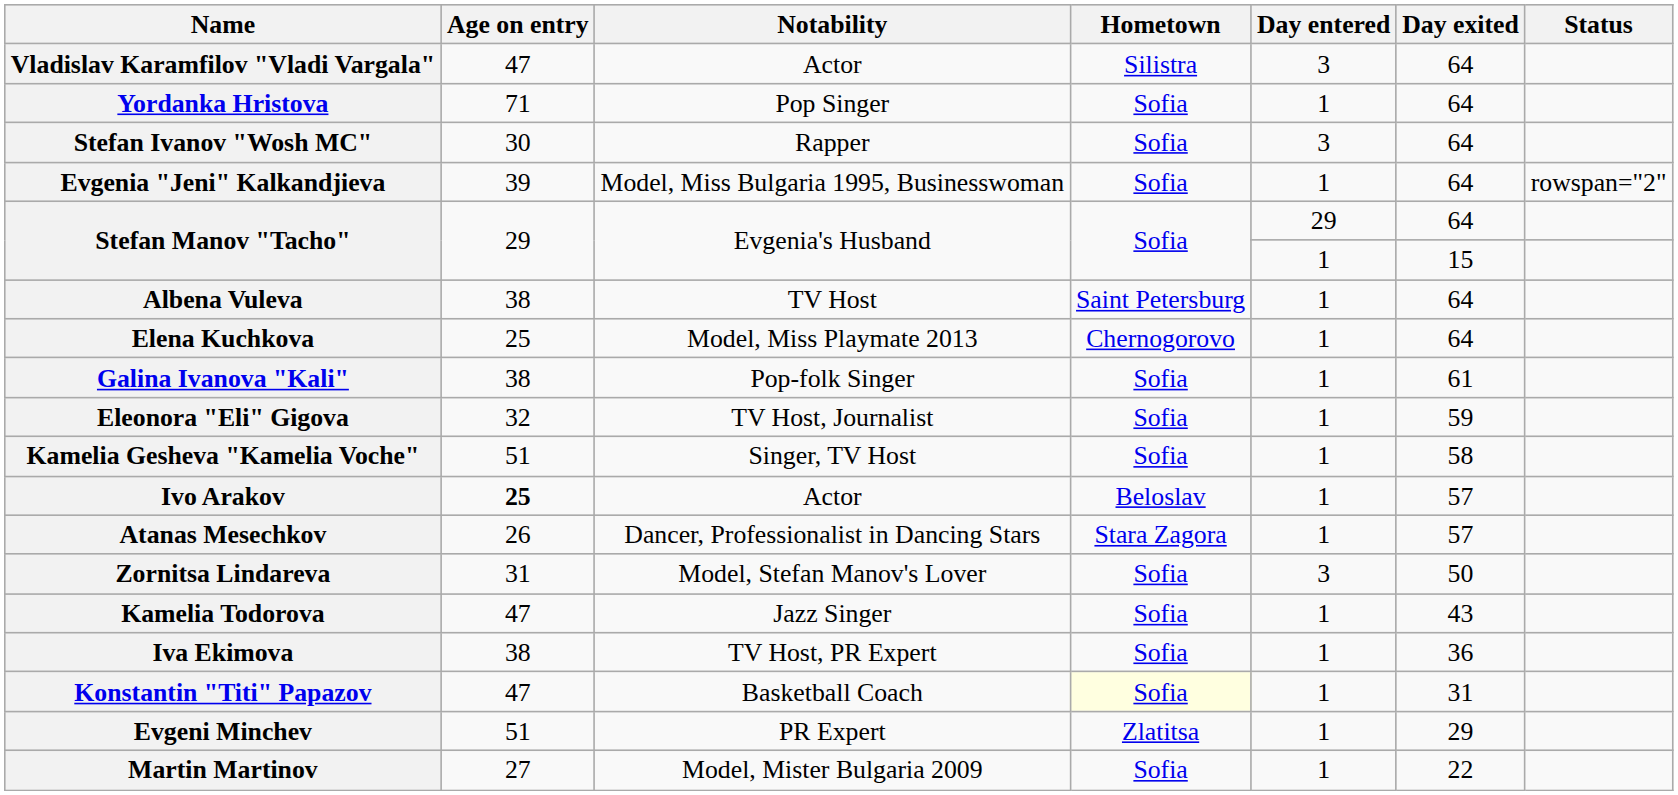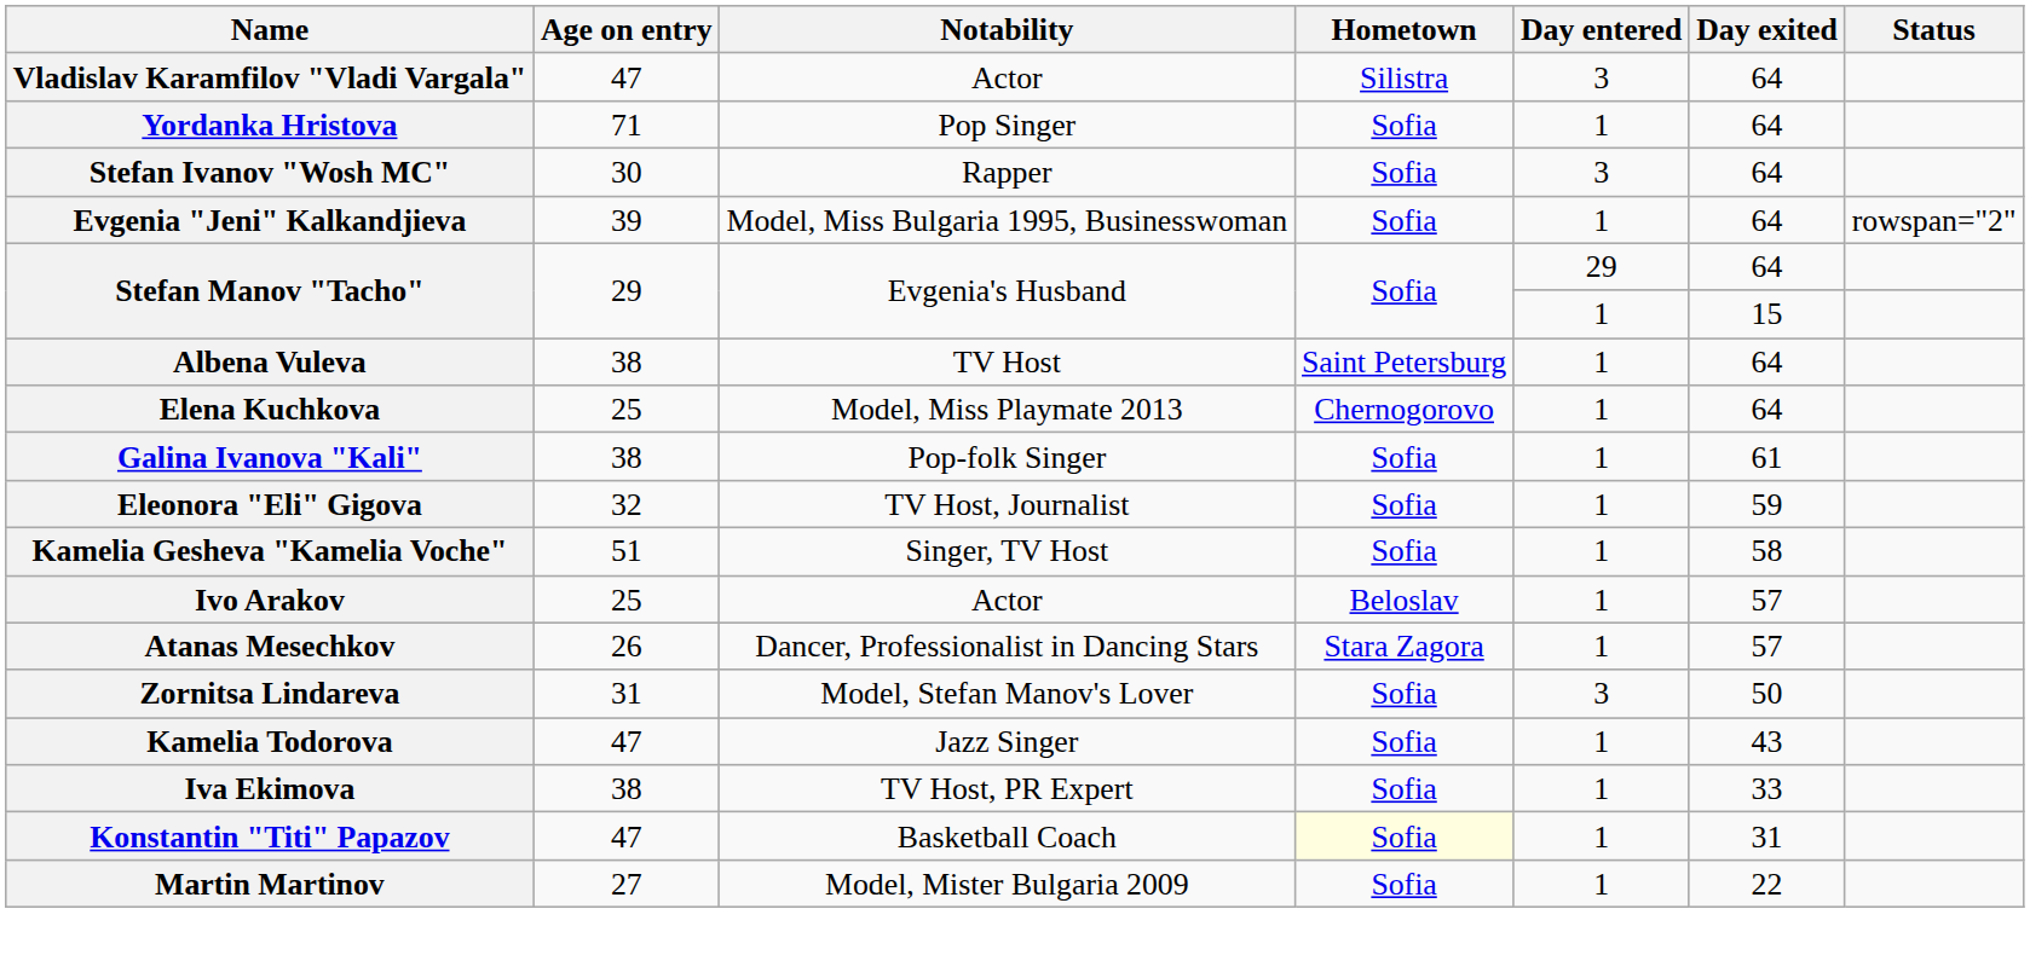 <table class="wikitable" style="text-align:center; line-height:17px; width:auto;">
 <tr>
 <th>Name</th>
 <th>Age on entry</th>
 <th>Notability</th>
 <th>Hometown</th>
 <th>Day entered</th>
 <th>Day exited</th>
 <th>Status</th>
 </tr>
 <tr>
 <th>Vladislav Karamfilov "Vladi Vargala"</th>
 <td>47</td>
 <td>Actor</td>
 <td><a href='#'>Silistra</a></td>
 <td>3</td>
 <td>64</td>
 <td></td>
 </tr>
 <tr>
 <th><a href='#'>Yordanka Hristova</a></th>
 <td>71</td>
 <td>Pop Singer</td>
 <td><a href='#'>Sofia</a></td>
 <td>1</td>
 <td>64</td>
 <td></td>
 </tr>
 <tr>
 <th>Stefan Ivanov "Wosh MC"</th>
 <td>30</td>
 <td>Rapper</td>
 <td><a href='#'>Sofia</a></td>
 <td>3</td>
 <td>64</td>
 <td></td>
 </tr>
 <tr>
 <th>Evgenia "Jeni" Kalkandjieva</th>
 <td>39</td>
 <td>Model, Miss Bulgaria 1995, Businesswoman</td>
 <td><a href='#'>Sofia</a></td>
 <td>1</td>
 <td>64</td>
 <td>rowspan="2" </td>
 </tr>
 <tr>
 <th rowspan="2">Stefan Manov "Tacho"</th>
 <td rowspan="2">29</td>
 <td rowspan="2">Evgenia's Husband</td>
 <td rowspan="2"><a href='#'>Sofia</a></td>
 <td>29</td>
 <td>64</td>
 </tr>
 <tr>
 <td>1</td>
 <td>15</td>
 <td></td>
 </tr>
 <tr>
 <th>Albena Vuleva</th>
 <td>38</td>
 <td>TV Host</td>
 <td><a href='#'>Saint Petersburg</a></td>
 <td>1</td>
 <td>64</td>
 <td></td>
 </tr>
 <tr>
 <th>Elena Kuchkova</th>
 <td>25</td>
 <td>Model, Miss Playmate 2013</td>
 <td><a href='#'>Chernogorovo</a></td>
 <td>1</td>
 <td>64</td>
 <td></td>
 </tr>
 <tr>
 <th><a href='#'>Galina Ivanova "Kali"</a></th>
 <td>38</td>
 <td>Pop-folk Singer</td>
 <td><a href='#'>Sofia</a></td>
 <td>1</td>
 <td>61</td>
 <td></td>
 </tr>
 <tr>
 <th>Eleonora "Eli" Gigova</th>
 <td>32</td>
 <td>TV Host, Journalist</td>
 <td><a href='#'>Sofia</a></td>
 <td>1</td>
 <td>59</td>
 <td></td>
 </tr>
 <tr>
 <th>Kamelia Gesheva "Kamelia Voche"</th>
 <td>51</td>
 <td>Singer, TV Host</td>
 <td><a href='#'>Sofia</a></td>
 <td>1</td>
 <td>58</td>
 <td></td>
 </tr>
 <tr>
 <th>Ivo Arakov</th>
-<td><strong>25</strong></td>
+<td>25</td>
 <td>Actor</td>
 <td><a href='#'>Beloslav</a></td>
 <td>1</td>
 <td>57</td>
 <td></td>
 </tr>
 <tr>
 <th>Atanas Mesechkov</th>
 <td>26</td>
 <td>Dancer, Professionalist in Dancing Stars</td>
 <td><a href='#'>Stara Zagora</a></td>
 <td>1</td>
 <td>57</td>
 <td></td>
 </tr>
 <tr>
 <th>Zornitsa Lindareva</th>
 <td>31</td>
 <td>Model, Stefan Manov's Lover</td>
 <td><a href='#'>Sofia</a></td>
 <td>3</td>
 <td>50</td>
 <td></td>
 </tr>
 <tr>
 <th>Kamelia Todorova</th>
 <td>47</td>
 <td>Jazz Singer</td>
 <td><a href='#'>Sofia</a></td>
 <td>1</td>
 <td>43</td>
 <td></td>
 </tr>
 <tr>
 <th>Iva Ekimova</th>
 <td>38</td>
 <td>TV Host, PR Expert</td>
 <td><a href='#'>Sofia</a></td>
 <td>1</td>
-<td>36</td>
+<td>33</td>
 <td></td>
 </tr>
 <tr>
 <th><a href='#'>Konstantin "Titi" Papazov</a></th>
 <td>47</td>
 <td>Basketball Coach</td>
 <td style="background: lightyellow;"><a href='#'>Sofia</a></td>
 <td>1</td>
 <td>31</td>
 <td></td>
 </tr>
 <tr>
-<th>Evgeni Minchev</th>
-<td>51</td>
-<td>PR Expert</td>
-<td><a href='#'>Zlatitsa</a></td>
-<td>1</td>
-<td>29</td>
-<td></td>
-</tr>
-<tr>
 <th>Martin Martinov</th>
 <td>27</td>
 <td>Model, Mister Bulgaria 2009</td>
 <td><a href='#'>Sofia</a></td>
 <td>1</td>
 <td>22</td>
 <td></td>
 </tr>
 </table>
